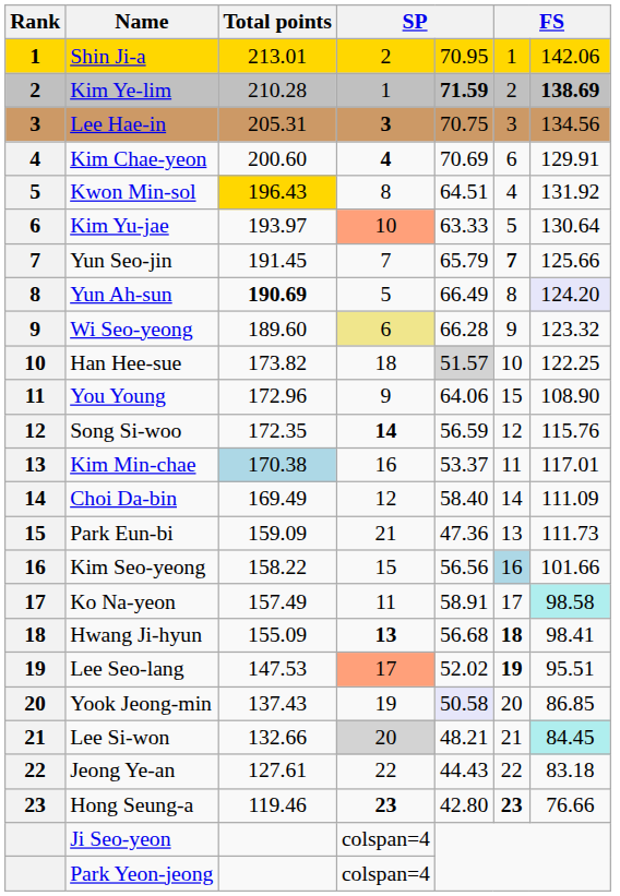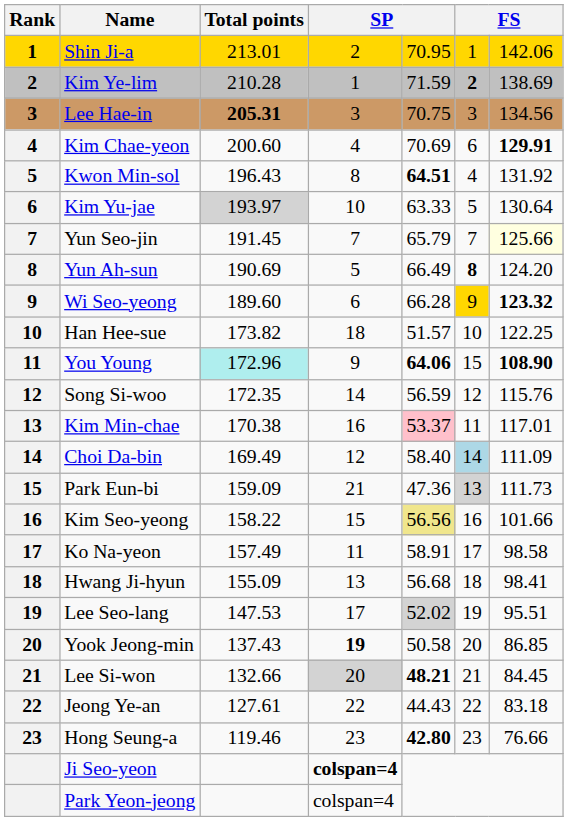 <table class="wikitable sortable">
 <tr>
 <th>Rank</th>
 <th>Name</th>
 <th>Total points</th>
 <th colspan="2" width="80px"><a href='#'>SP</a></th>
 <th colspan="2" width="80px"><a href='#'>FS</a></th>
 </tr>
 <tr bgcolor="gold">
 <td align="center"><strong>1</strong></td>
 <td><a href='#'>Shin Ji-a</a></td>
 <td align="center">213.01</td>
 <td align="center">2</td>
 <td align="center">70.95</td>
 <td align="center">1</td>
 <td align="center">142.06</td>
 </tr>
 <tr bgcolor="silver">
 <td align="center"><strong>2</strong></td>
 <td><a href='#'>Kim Ye-lim</a></td>
 <td align="center">210.28</td>
 <td align="center">1</td>
-<td align="center"><strong>71.59</strong></td>
-<td align="center">2</td>
-<td align="center"><strong>138.69</strong></td>
+<td align="center">71.59</td>
+<td align="center"><strong>2</strong></td>
+<td align="center">138.69</td>
 </tr>
 <tr bgcolor="cc9966">
 <td align="center"><strong>3</strong></td>
 <td><a href='#'>Lee Hae-in</a></td>
-<td align="center">205.31</td>
-<td align="center"><strong>3</strong></td>
+<td align="center"><strong>205.31</strong></td>
+<td align="center">3</td>
 <td align="center">70.75</td>
 <td align="center">3</td>
 <td align="center">134.56</td>
 </tr>
 <tr>
 <th>4</th>
 <td><a href='#'>Kim Chae-yeon</a></td>
 <td align="center">200.60</td>
-<td align="center"><strong>4</strong></td>
+<td align="center">4</td>
 <td align="center">70.69</td>
 <td align="center">6</td>
-<td align="center">129.91</td>
+<td align="center"><strong>129.91</strong></td>
 </tr>
 <tr>
 <th>5</th>
 <td><a href='#'>Kwon Min-sol</a></td>
-<td align="center" style="background: gold;">196.43</td>
+<td align="center">196.43</td>
 <td align="center">8</td>
-<td align="center">64.51</td>
+<td align="center"><strong>64.51</strong></td>
 <td align="center">4</td>
 <td align="center">131.92</td>
 </tr>
 <tr>
 <th>6</th>
 <td><a href='#'>Kim Yu-jae</a></td>
-<td align="center">193.97</td>
-<td align="center" style="background: lightsalmon;">10</td>
+<td align="center" style="background: lightgrey;">193.97</td>
+<td align="center">10</td>
 <td align="center">63.33</td>
 <td align="center">5</td>
 <td align="center">130.64</td>
 </tr>
 <tr>
 <th>7</th>
 <td>Yun Seo-jin</td>
 <td align="center">191.45</td>
 <td align="center">7</td>
 <td align="center">65.79</td>
-<td align="center"><strong>7</strong></td>
-<td align="center">125.66</td>
+<td align="center">7</td>
+<td align="center" style="background: lightyellow;">125.66</td>
 </tr>
 <tr>
 <th>8</th>
 <td><a href='#'>Yun Ah-sun</a></td>
-<td align="center"><strong>190.69</strong></td>
+<td align="center">190.69</td>
 <td align="center">5</td>
 <td align="center">66.49</td>
-<td align="center">8</td>
-<td align="center" style="background: lavender;">124.20</td>
+<td align="center"><strong>8</strong></td>
+<td align="center">124.20</td>
 </tr>
 <tr>
 <th>9</th>
 <td><a href='#'>Wi Seo-yeong</a></td>
 <td align="center">189.60</td>
-<td align="center" style="background: khaki;">6</td>
+<td align="center">6</td>
 <td align="center">66.28</td>
-<td align="center">9</td>
-<td align="center">123.32</td>
+<td align="center" style="background: gold;">9</td>
+<td align="center"><strong>123.32</strong></td>
 </tr>
 <tr>
 <th>10</th>
 <td>Han Hee-sue</td>
 <td align="center">173.82</td>
 <td align="center">18</td>
-<td align="center" style="background: lightgrey;">51.57</td>
+<td align="center">51.57</td>
 <td align="center">10</td>
 <td align="center">122.25</td>
 </tr>
 <tr>
 <th>11</th>
 <td><a href='#'>You Young</a></td>
-<td align="center">172.96</td>
+<td align="center" style="background: paleturquoise;">172.96</td>
 <td align="center">9</td>
-<td align="center">64.06</td>
+<td align="center"><strong>64.06</strong></td>
 <td align="center">15</td>
-<td align="center">108.90</td>
+<td align="center"><strong>108.90</strong></td>
 </tr>
 <tr>
 <th>12</th>
 <td>Song Si-woo</td>
 <td align="center">172.35</td>
-<td align="center"><strong>14</strong></td>
+<td align="center">14</td>
 <td align="center">56.59</td>
 <td align="center">12</td>
 <td align="center">115.76</td>
 </tr>
 <tr>
 <th>13</th>
 <td><a href='#'>Kim Min-chae</a></td>
-<td align="center" style="background: lightblue;">170.38</td>
+<td align="center">170.38</td>
 <td align="center">16</td>
-<td align="center">53.37</td>
+<td align="center" style="background: pink;">53.37</td>
 <td align="center">11</td>
 <td align="center">117.01</td>
 </tr>
 <tr>
 <th>14</th>
 <td><a href='#'>Choi Da-bin</a></td>
 <td align="center">169.49</td>
 <td align="center">12</td>
 <td align="center">58.40</td>
-<td align="center">14</td>
+<td align="center" style="background: lightblue;">14</td>
 <td align="center">111.09</td>
 </tr>
 <tr>
 <th>15</th>
 <td>Park Eun-bi</td>
 <td align="center">159.09</td>
 <td align="center">21</td>
 <td align="center">47.36</td>
-<td align="center">13</td>
+<td align="center" style="background: lightgrey;">13</td>
 <td align="center">111.73</td>
 </tr>
 <tr>
 <th>16</th>
 <td>Kim Seo-yeong</td>
 <td align="center">158.22</td>
 <td align="center">15</td>
-<td align="center">56.56</td>
-<td align="center" style="background: lightblue;">16</td>
+<td align="center" style="background: khaki;">56.56</td>
+<td align="center">16</td>
 <td align="center">101.66</td>
 </tr>
 <tr>
 <th>17</th>
 <td>Ko Na-yeon</td>
 <td align="center">157.49</td>
 <td align="center">11</td>
 <td align="center">58.91</td>
 <td align="center">17</td>
-<td align="center" style="background: paleturquoise;">98.58</td>
+<td align="center">98.58</td>
 </tr>
 <tr>
 <th>18</th>
 <td>Hwang Ji-hyun</td>
 <td align="center">155.09</td>
-<td align="center"><strong>13</strong></td>
+<td align="center">13</td>
 <td align="center">56.68</td>
-<td align="center"><strong>18</strong></td>
+<td align="center">18</td>
 <td align="center">98.41</td>
 </tr>
 <tr>
 <th>19</th>
 <td>Lee Seo-lang</td>
 <td align="center">147.53</td>
-<td align="center" style="background: lightsalmon;">17</td>
-<td align="center">52.02</td>
-<td align="center"><strong>19</strong></td>
+<td align="center">17</td>
+<td align="center" style="background: lightgrey;">52.02</td>
+<td align="center">19</td>
 <td align="center">95.51</td>
 </tr>
 <tr>
 <th>20</th>
 <td>Yook Jeong-min</td>
 <td align="center">137.43</td>
-<td align="center">19</td>
-<td align="center" style="background: lavender;">50.58</td>
+<td align="center"><strong>19</strong></td>
+<td align="center">50.58</td>
 <td align="center">20</td>
 <td align="center">86.85</td>
 </tr>
 <tr>
 <th>21</th>
 <td>Lee Si-won</td>
 <td align="center">132.66</td>
 <td align="center" style="background: lightgrey;">20</td>
-<td align="center">48.21</td>
+<td align="center"><strong>48.21</strong></td>
 <td align="center">21</td>
-<td align="center" style="background: paleturquoise;">84.45</td>
+<td align="center">84.45</td>
 </tr>
 <tr>
 <th>22</th>
 <td>Jeong Ye-an</td>
 <td align="center">127.61</td>
 <td align="center">22</td>
 <td align="center">44.43</td>
 <td align="center">22</td>
 <td align="center">83.18</td>
 </tr>
 <tr>
 <th>23</th>
 <td>Hong Seung-a</td>
 <td align="center">119.46</td>
-<td align="center"><strong>23</strong></td>
-<td align="center">42.80</td>
-<td align="center"><strong>23</strong></td>
+<td align="center">23</td>
+<td align="center"><strong>42.80</strong></td>
+<td align="center">23</td>
 <td align="center">76.66</td>
 </tr>
 <tr>
 <th></th>
 <td><a href='#'>Ji Seo-yeon</a></td>
 <td></td>
-<td>colspan=4 </td>
+<td><strong>colspan=4 </strong></td>
 </tr>
 <tr>
 <th></th>
 <td><a href='#'>Park Yeon-jeong</a></td>
 <td></td>
 <td>colspan=4 </td>
 </tr>
 </table>
